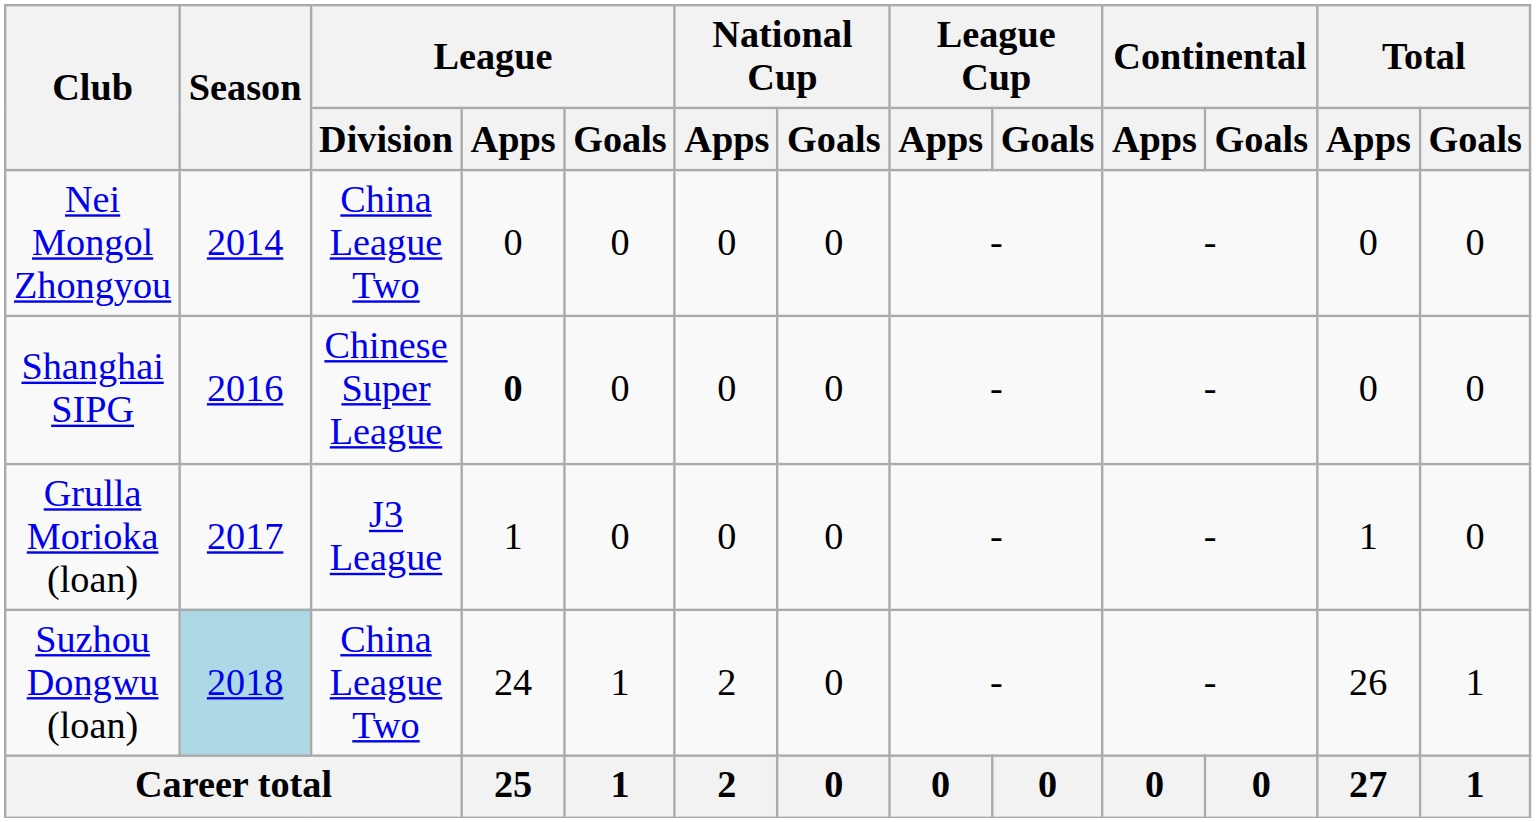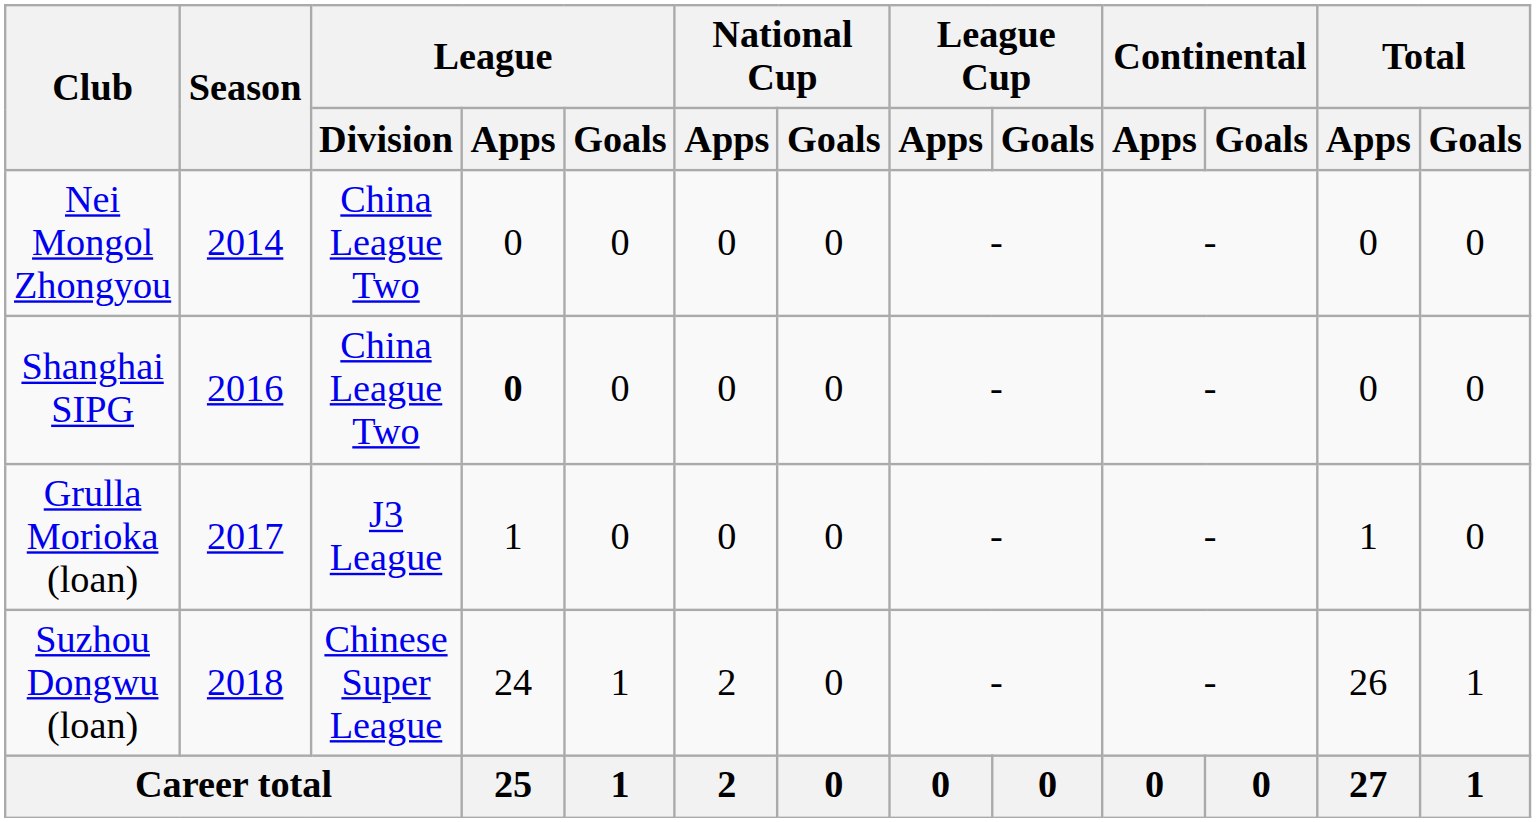 <table class="wikitable" style="text-align: center">
 <tr>
 <th rowspan="2">Club</th>
 <th rowspan="2">Season</th>
 <th colspan="3">League</th>
 <th colspan="2">National Cup</th>
 <th colspan="2">League Cup</th>
 <th colspan="2">Continental</th>
 <th colspan="2">Total</th>
 </tr>
 <tr>
 <th>Division</th>
 <th>Apps</th>
 <th>Goals</th>
 <th>Apps</th>
 <th>Goals</th>
 <th>Apps</th>
 <th>Goals</th>
 <th>Apps</th>
 <th>Goals</th>
 <th>Apps</th>
 <th>Goals</th>
 </tr>
 <tr>
 <td><a href='#'>Nei Mongol Zhongyou</a></td>
 <td><a href='#'>2014</a></td>
 <td><a href='#'>China League Two</a></td>
 <td>0</td>
 <td>0</td>
 <td>0</td>
 <td>0</td>
 <td colspan="2">-</td>
 <td colspan="2">-</td>
 <td>0</td>
 <td>0</td>
 </tr>
 <tr>
 <td><a href='#'>Shanghai SIPG</a></td>
 <td><a href='#'>2016</a></td>
-<td><a href='#'>Chinese Super League</a></td>
+<td><a href='#'>China League Two</a></td>
 <td><strong>0</strong></td>
 <td>0</td>
 <td>0</td>
 <td>0</td>
 <td colspan="2">-</td>
 <td colspan="2">-</td>
 <td>0</td>
 <td>0</td>
 </tr>
 <tr>
 <td><a href='#'>Grulla Morioka</a> (loan)</td>
 <td><a href='#'>2017</a></td>
 <td><a href='#'>J3 League</a></td>
 <td>1</td>
 <td>0</td>
 <td>0</td>
 <td>0</td>
 <td colspan="2">-</td>
 <td colspan="2">-</td>
 <td>1</td>
 <td>0</td>
 </tr>
 <tr>
 <td><a href='#'>Suzhou Dongwu</a> (loan)</td>
-<td style="background: lightblue;"><a href='#'>2018</a></td>
-<td><a href='#'>China League Two</a></td>
+<td><a href='#'>2018</a></td>
+<td><a href='#'>Chinese Super League</a></td>
 <td>24</td>
 <td>1</td>
 <td>2</td>
 <td>0</td>
 <td colspan="2">-</td>
 <td colspan="2">-</td>
 <td>26</td>
 <td>1</td>
 </tr>
 <tr>
 <th colspan=3>Career total</th>
 <th>25</th>
 <th>1</th>
 <th>2</th>
 <th>0</th>
 <th>0</th>
 <th>0</th>
 <th>0</th>
 <th>0</th>
 <th>27</th>
 <th>1</th>
 </tr>
 </table>
